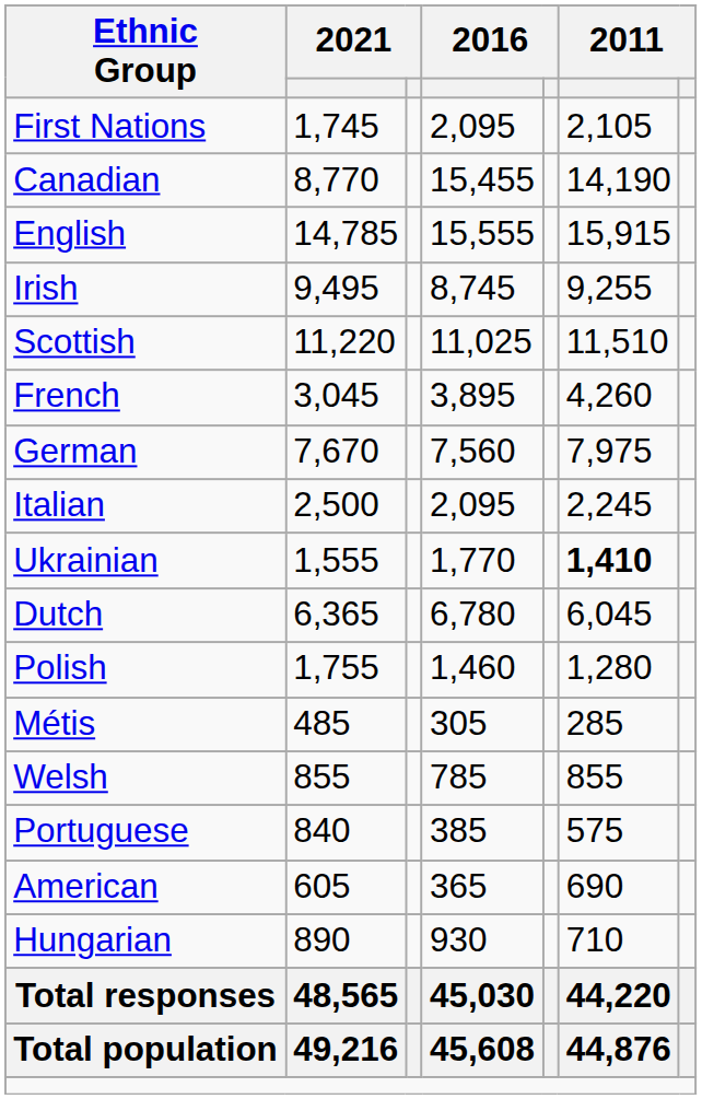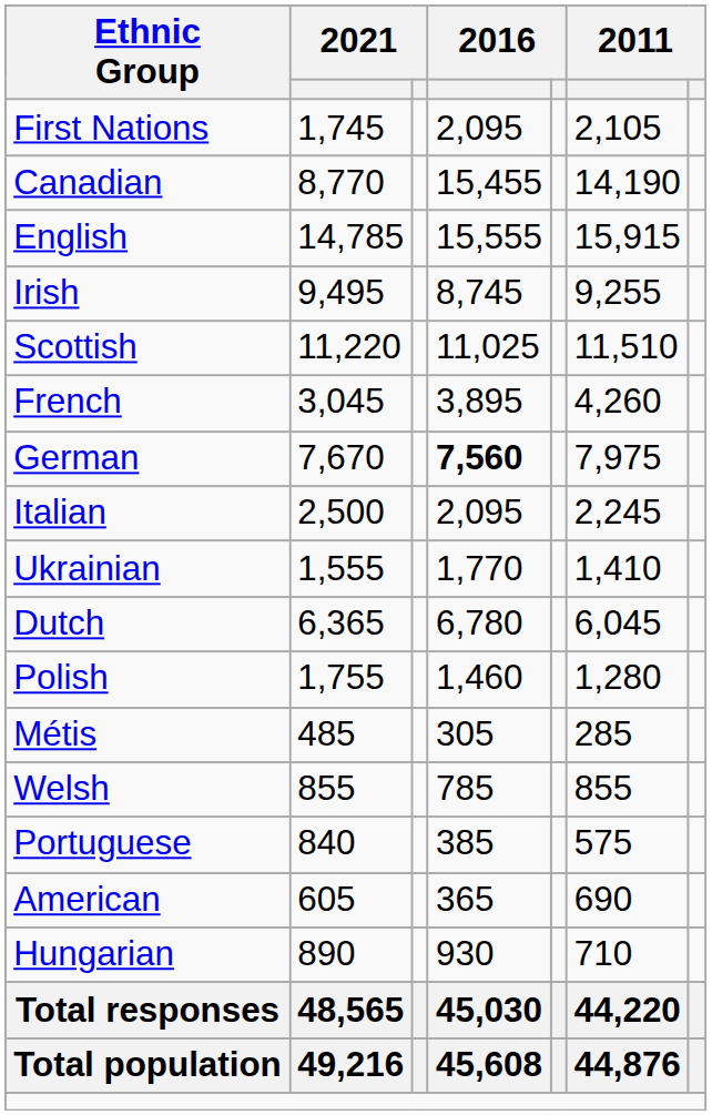 <table class="wikitable collapsible sortable">
 <tr>
 <th rowspan="2"><a href='#'>Ethnic</a><br>Group</th>
 <th colspan="2">2021</th>
 <th colspan="2">2016</th>
 <th colspan="2">2011</th>
 </tr>
 <tr>
 <th><a href='#'></a></th>
 <th></th>
 <th><a href='#'></a></th>
 <th></th>
 <th><a href='#'></a></th>
 <th></th>
 </tr>
 <tr>
 <td><a href='#'>First Nations</a></td>
 <td>1,745</td>
 <td></td>
 <td>2,095</td>
 <td></td>
 <td>2,105</td>
 <td></td>
 </tr>
 <tr>
 <td><a href='#'>Canadian</a></td>
 <td>8,770</td>
 <td></td>
 <td>15,455</td>
 <td></td>
 <td>14,190</td>
 <td></td>
 </tr>
 <tr>
 <td><a href='#'>English</a></td>
 <td>14,785</td>
 <td></td>
 <td>15,555</td>
 <td></td>
 <td>15,915</td>
 <td></td>
 </tr>
 <tr>
 <td><a href='#'>Irish</a></td>
 <td>9,495</td>
 <td></td>
 <td>8,745</td>
 <td></td>
 <td>9,255</td>
 <td></td>
 </tr>
 <tr>
 <td><a href='#'>Scottish</a></td>
 <td>11,220</td>
 <td></td>
 <td>11,025</td>
 <td></td>
 <td>11,510</td>
 <td></td>
 </tr>
 <tr>
 <td><a href='#'>French</a></td>
 <td>3,045</td>
 <td></td>
 <td>3,895</td>
 <td></td>
 <td>4,260</td>
 <td></td>
 </tr>
 <tr>
 <td><a href='#'>German</a></td>
 <td>7,670</td>
 <td></td>
-<td>7,560</td>
+<td><strong>7,560</strong></td>
 <td></td>
 <td>7,975</td>
 <td></td>
 </tr>
 <tr>
 <td><a href='#'>Italian</a></td>
 <td>2,500</td>
 <td></td>
 <td>2,095</td>
 <td></td>
 <td>2,245</td>
 <td></td>
 </tr>
 <tr>
 <td><a href='#'>Ukrainian</a></td>
 <td>1,555</td>
 <td></td>
 <td>1,770</td>
 <td></td>
-<td><strong>1,410</strong></td>
+<td>1,410</td>
 <td></td>
 </tr>
 <tr>
 <td><a href='#'>Dutch</a></td>
 <td>6,365</td>
 <td></td>
 <td>6,780</td>
 <td></td>
 <td>6,045</td>
 <td></td>
 </tr>
 <tr>
 <td><a href='#'>Polish</a></td>
 <td>1,755</td>
 <td></td>
 <td>1,460</td>
 <td></td>
 <td>1,280</td>
 <td></td>
 </tr>
 <tr>
 <td><a href='#'>Métis</a></td>
 <td>485</td>
 <td></td>
 <td>305</td>
 <td></td>
 <td>285</td>
 <td></td>
 </tr>
 <tr>
 <td><a href='#'>Welsh</a></td>
 <td>855</td>
 <td></td>
 <td>785</td>
 <td></td>
 <td>855</td>
 <td></td>
 </tr>
 <tr>
 <td><a href='#'>Portuguese</a></td>
 <td>840</td>
 <td></td>
 <td>385</td>
 <td></td>
 <td>575</td>
 <td></td>
 </tr>
 <tr>
 <td><a href='#'>American</a></td>
 <td>605</td>
 <td></td>
 <td>365</td>
 <td></td>
 <td>690</td>
 <td></td>
 </tr>
 <tr>
 <td><a href='#'>Hungarian</a></td>
 <td>890</td>
 <td></td>
 <td>930</td>
 <td></td>
 <td>710</td>
 <td></td>
 </tr>
 <tr>
 <th>Total responses</th>
 <th>48,565</th>
 <th></th>
 <th>45,030</th>
 <th></th>
 <th>44,220</th>
 <th></th>
 </tr>
 <tr>
 <th>Total population</th>
 <th>49,216</th>
 <th></th>
 <th>45,608</th>
 <th></th>
 <th>44,876</th>
 <th></th>
 </tr>
 <tr class="sortbottom">
 <td colspan="15"></td>
 </tr>
 </table>
